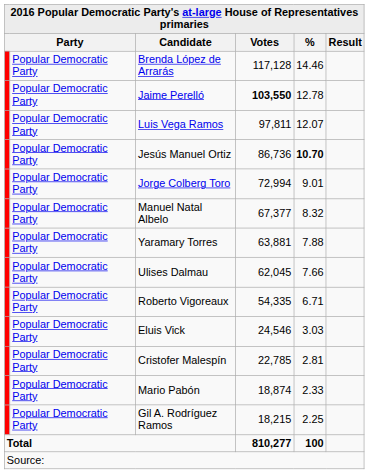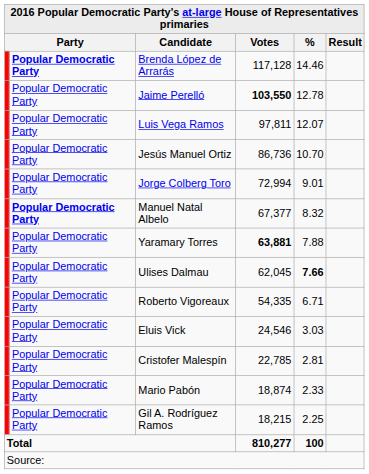 <table class=wikitable plainrowheaders style=text-align:right style="font-size: 100%" width=60%>
 <tr>
 <td style="background: #ececec; text-align:center;" colspan=6><strong>2016 Popular Democratic Party's <a href='#'>at-large</a> House of Representatives primaries</strong></td>
 </tr>
 <tr>
 <th colspan="2" width="40%">Party</th>
 <th width="30%">Candidate</th>
 <th width="17%">Votes</th>
 <th width="7%">%</th>
 <th width="5%">Result</th>
 </tr>
 <tr>
 <td bgcolor=#FF0000></td>
-<td align=left><a href='#'>Popular Democratic Party</a></td>
+<td align=left><strong><a href='#'>Popular Democratic Party</a></strong></td>
 <td align=left><a href='#'>Brenda López de Arrarás</a></td>
 <td>117,128</td>
 <td>14.46</td>
 <td></td>
 </tr>
 <tr>
 <td bgcolor=#FF0000></td>
 <td align=left><a href='#'>Popular Democratic Party</a></td>
 <td align=left><a href='#'>Jaime Perelló</a></td>
 <td><strong>103,550</strong></td>
 <td>12.78</td>
 <td></td>
 </tr>
 <tr>
 <td bgcolor=#FF0000></td>
 <td align=left><a href='#'>Popular Democratic Party</a></td>
 <td align=left><a href='#'>Luis Vega Ramos</a></td>
 <td>97,811</td>
 <td>12.07</td>
 <td></td>
 </tr>
 <tr>
 <td bgcolor=#FF0000></td>
 <td align=left><a href='#'>Popular Democratic Party</a></td>
 <td align=left>Jesús Manuel Ortiz</td>
 <td>86,736</td>
-<td><strong>10.70</strong></td>
+<td>10.70</td>
 <td></td>
 </tr>
 <tr>
 <td bgcolor=#FF0000></td>
 <td align=left><a href='#'>Popular Democratic Party</a></td>
 <td align=left><a href='#'>Jorge Colberg Toro</a></td>
 <td>72,994</td>
 <td>9.01</td>
 <td></td>
 </tr>
 <tr>
 <td bgcolor=#FF0000></td>
-<td align=left><a href='#'>Popular Democratic Party</a></td>
+<td align=left><strong><a href='#'>Popular Democratic Party</a></strong></td>
 <td align=left>Manuel Natal Albelo</td>
 <td>67,377</td>
 <td>8.32</td>
 <td></td>
 </tr>
 <tr>
 <td bgcolor=#FF0000></td>
 <td align=left><a href='#'>Popular Democratic Party</a></td>
 <td align=left>Yaramary Torres</td>
-<td>63,881</td>
+<td><strong>63,881</strong></td>
 <td>7.88</td>
 <td></td>
 </tr>
 <tr>
 <td bgcolor=#FF0000></td>
 <td align=left><a href='#'>Popular Democratic Party</a></td>
 <td align=left>Ulises Dalmau</td>
 <td>62,045</td>
-<td>7.66</td>
+<td><strong>7.66</strong></td>
 <td></td>
 </tr>
 <tr>
 <td bgcolor=#FF0000></td>
 <td align=left><a href='#'>Popular Democratic Party</a></td>
 <td align=left>Roberto Vigoreaux</td>
 <td>54,335</td>
 <td>6.71</td>
 <td></td>
 </tr>
 <tr>
 <td bgcolor=#FF0000></td>
 <td align=left><a href='#'>Popular Democratic Party</a></td>
 <td align=left>Eluis Vick</td>
 <td>24,546</td>
 <td>3.03</td>
 <td></td>
 </tr>
 <tr>
 <td bgcolor=#FF0000></td>
 <td align=left><a href='#'>Popular Democratic Party</a></td>
 <td align=left>Cristofer Malespín</td>
 <td>22,785</td>
 <td>2.81</td>
 <td></td>
 </tr>
 <tr>
 <td bgcolor=#FF0000></td>
 <td align=left><a href='#'>Popular Democratic Party</a></td>
 <td align=left>Mario Pabón</td>
 <td>18,874</td>
 <td>2.33</td>
 <td></td>
 </tr>
 <tr>
 <td bgcolor=#FF0000></td>
 <td align=left><a href='#'>Popular Democratic Party</a></td>
 <td align=left>Gil A. Rodríguez Ramos</td>
 <td>18,215</td>
 <td>2.25</td>
 <td></td>
 </tr>
 <tr>
 <td align=left colspan=3><strong>Total</strong></td>
 <td><strong>810,277</strong></td>
 <td><strong>100</strong></td>
 <td></td>
 </tr>
 <tr>
 <td align=left colspan=6>Source: </td>
 </tr>
 </table>
